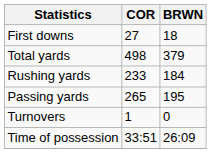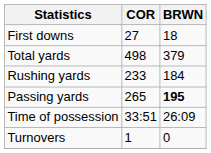 <table class="wikitable">
 <tr>
 <th>Statistics</th>
 <th>COR</th>
 <th>BRWN</th>
 </tr>
 <tr>
 <td>First downs</td>
 <td>27</td>
 <td>18</td>
 </tr>
 <tr>
 <td>Total yards</td>
 <td>498</td>
 <td>379</td>
 </tr>
 <tr>
 <td>Rushing yards</td>
 <td>233</td>
 <td>184</td>
 </tr>
 <tr>
 <td>Passing yards</td>
 <td>265</td>
-<td>195</td>
+<td><strong>195</strong></td>
+</tr>
+<tr>
+<td>Time of possession</td>
+<td>33:51</td>
+<td>26:09</td>
 </tr>
 <tr>
 <td>Turnovers</td>
 <td>1</td>
 <td>0</td>
 </tr>
 <tr>
-<td>Time of possession</td>
-<td>33:51</td>
-<td>26:09</td>
-</tr>
-<tr>
 </tr>
 </table>
